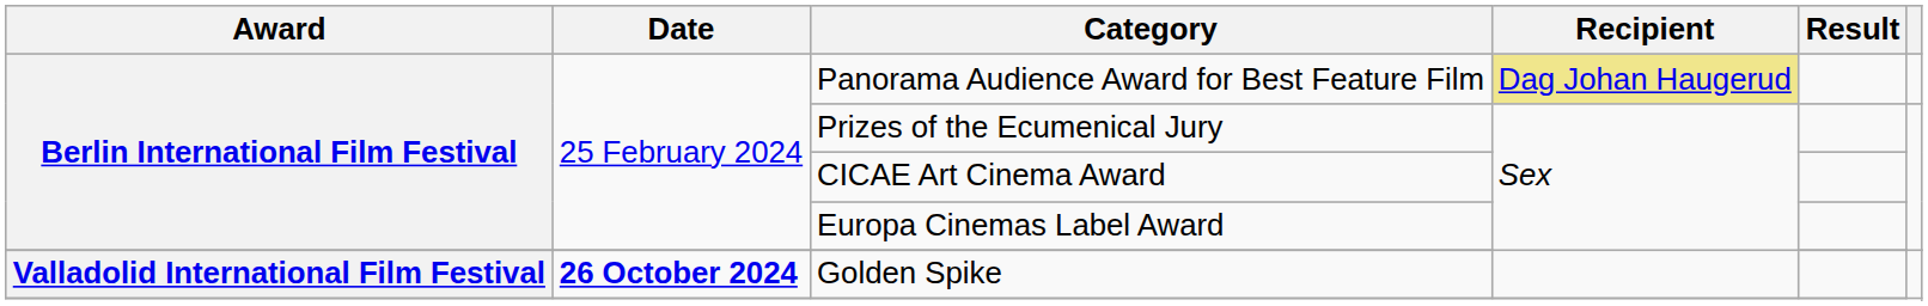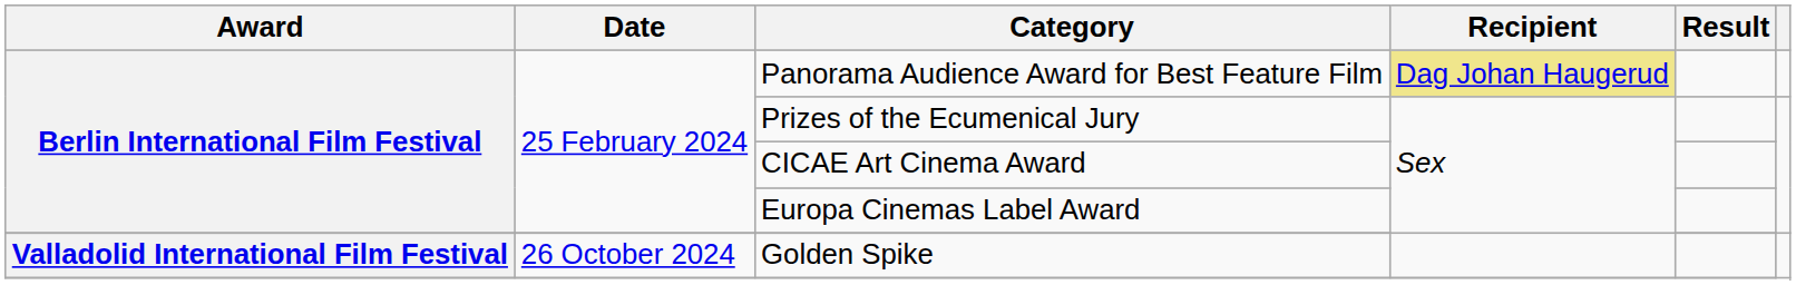 <table class="wikitable sortable plainrowheaders">
 <tr>
 <th>Award</th>
 <th>Date</th>
 <th>Category</th>
 <th>Recipient</th>
 <th>Result</th>
 <th></th>
 </tr>
 <tr>
 <th scope="row" rowspan=4><a href='#'>Berlin International Film Festival</a></th>
 <td rowspan="4"><a href='#'>25 February 2024</a></td>
 <td>Panorama Audience Award for Best Feature Film</td>
 <td style="background: khaki;"><a href='#'>Dag Johan Haugerud</a></td>
 <td></td>
 <td align="center" rowspan="1"></td>
 </tr>
 <tr>
 <td>Prizes of the Ecumenical Jury</td>
 <td rowspan="4"><em>Sex</em></td>
 <td></td>
 <td align="center" rowspan="3"></td>
 </tr>
 <tr>
 <td>CICAE Art Cinema Award</td>
 <td></td>
 </tr>
 <tr>
 <td>Europa Cinemas Label Award</td>
 <td></td>
 </tr>
 <tr>
 </tr>
 <tr>
 <th scope="row"><a href='#'>Valladolid International Film Festival</a></th>
-<td><strong><a href='#'>26 October 2024</a></strong></td>
+<td><a href='#'>26 October 2024</a></td>
 <td>Golden Spike</td>
 <td></td>
 <td align="center"></td>
 </tr>
 <tr>
 </tr>
 </table>
